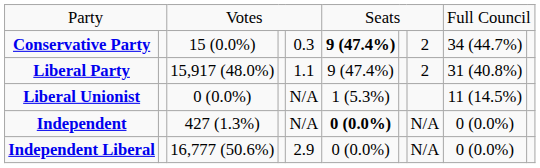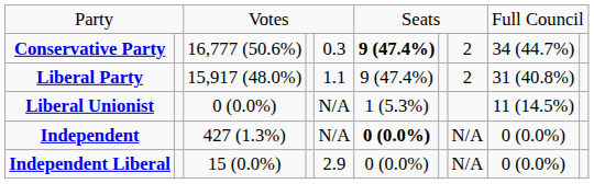 <table class=wikitable style="text-align:center;">
 <tr>
 <td colspan=2>Party</td>
 <td colspan=3>Votes</td>
 <td colspan=3>Seats</td>
 <td colspan=3>Full Council</td>
 </tr>
 <tr>
 <td><strong><a href='#'>Conservative Party</a></strong></td>
 <td style="background:"></td>
-<td>15 (0.0%)</td>
+<td>16,777 (50.6%)</td>
 <td></td>
 <td> 0.3</td>
 <td><strong>9 (47.4%)</strong></td>
 <td></td>
 <td> 2</td>
 <td>34 (44.7%)</td>
 <td></td>
 </tr>
 <tr>
 <td><strong><a href='#'>Liberal Party</a></strong></td>
 <td style="background:"></td>
 <td>15,917 (48.0%)</td>
 <td></td>
 <td> 1.1</td>
 <td>9 (47.4%)</td>
 <td></td>
 <td> 2</td>
 <td>31 (40.8%)</td>
 <td></td>
 </tr>
 <tr>
 <td><strong><a href='#'>Liberal Unionist</a></strong></td>
 <td style="background:"></td>
 <td>0 (0.0%)</td>
 <td></td>
 <td>N/A</td>
 <td>1 (5.3%)</td>
 <td></td>
 <td></td>
 <td>11 (14.5%)</td>
 <td></td>
 </tr>
 <tr>
 <td><strong><a href='#'>Independent</a></strong></td>
 <td style="background:"></td>
 <td>427 (1.3%)</td>
 <td></td>
 <td>N/A</td>
 <td><strong>0 (0.0%)</strong></td>
 <td></td>
 <td>N/A</td>
 <td>0 (0.0%)</td>
 <td></td>
 </tr>
 <tr>
 <td><strong><a href='#'>Independent Liberal</a></strong></td>
 <td style="background:"></td>
-<td>16,777 (50.6%)</td>
+<td>15 (0.0%)</td>
 <td></td>
 <td> 2.9</td>
 <td>0 (0.0%)</td>
 <td></td>
 <td>N/A</td>
 <td>0 (0.0%)</td>
 <td></td>
 </tr>
 </table>
